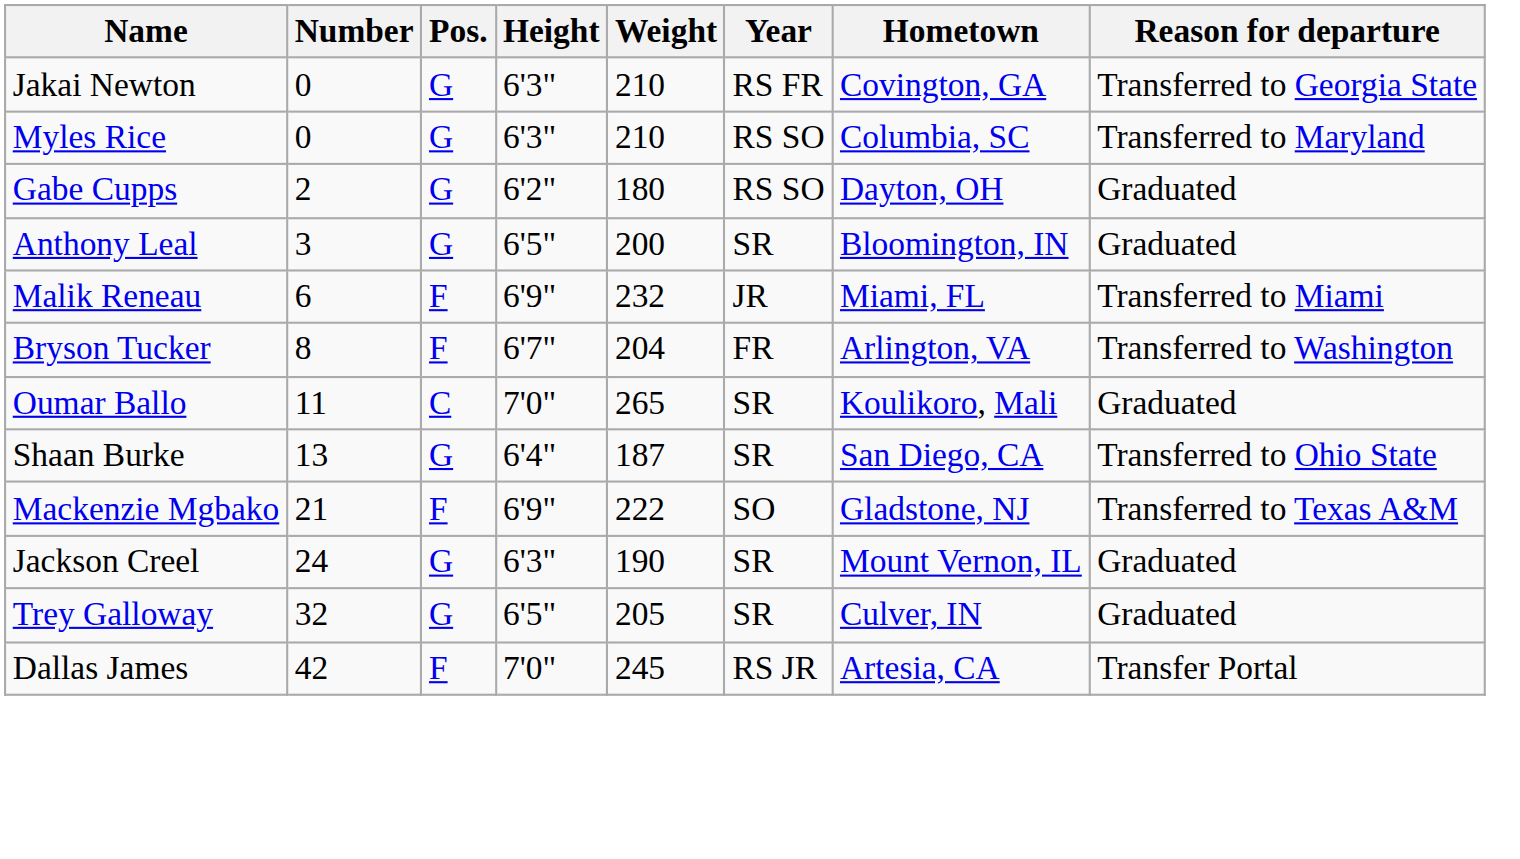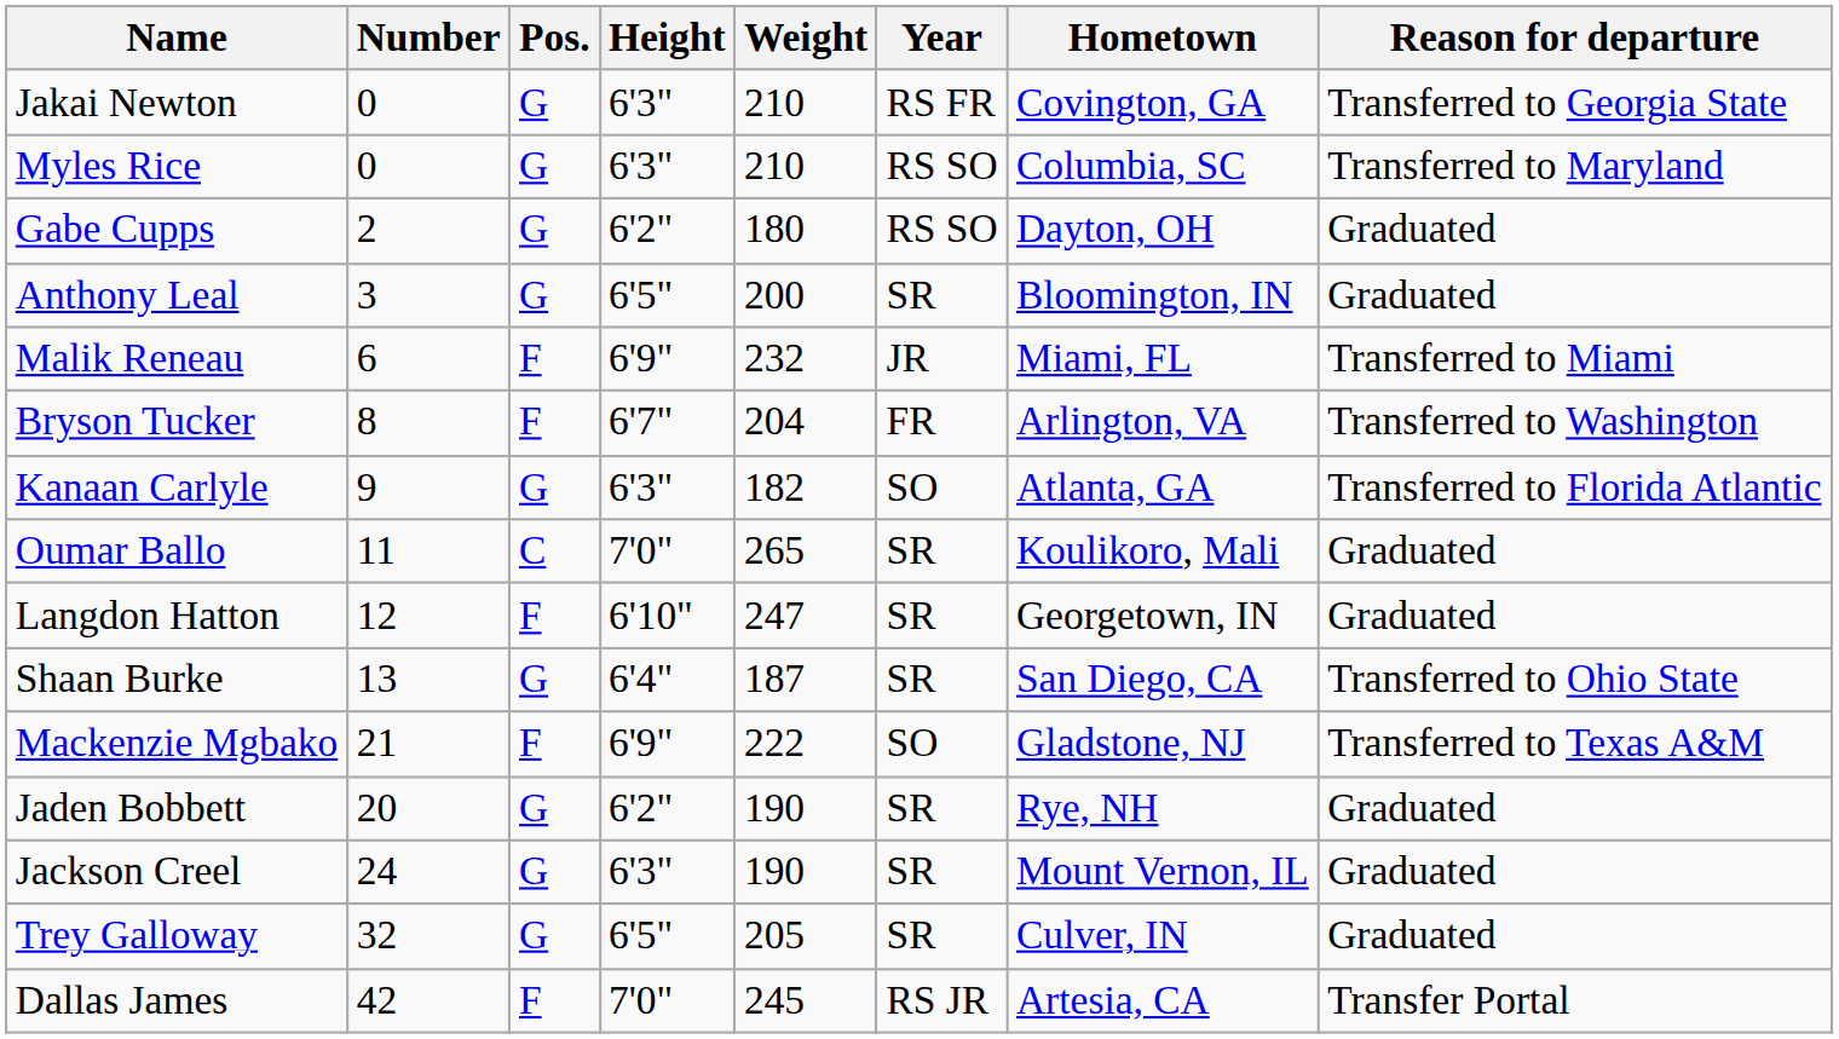 <table class="wikitable sortable" border="1">
 <tr align=center>
 <th>Name</th>
 <th>Number</th>
 <th>Pos.</th>
 <th>Height</th>
 <th>Weight</th>
 <th>Year</th>
 <th>Hometown</th>
 <th>Reason for departure</th>
 </tr>
 <tr>
 <td sortname>Jakai Newton</td>
 <td>0</td>
 <td><a href='#'>G</a></td>
 <td>6'3"</td>
 <td>210</td>
 <td>RS FR</td>
 <td><a href='#'>Covington, GA</a></td>
 <td>Transferred to <a href='#'>Georgia State</a></td>
 </tr>
 <tr>
 <td sortname><a href='#'>Myles Rice</a></td>
 <td>0</td>
 <td><a href='#'>G</a></td>
 <td>6'3"</td>
 <td>210</td>
 <td>RS SO</td>
 <td><a href='#'>Columbia, SC</a></td>
 <td>Transferred to <a href='#'>Maryland</a></td>
 </tr>
 <tr>
 <td sortname><a href='#'>Gabe Cupps</a></td>
 <td>2</td>
 <td><a href='#'>G</a></td>
 <td>6'2"</td>
 <td>180</td>
 <td>RS SO</td>
 <td><a href='#'>Dayton, OH</a></td>
 <td>Graduated</td>
 </tr>
 <tr>
 <td sortname><a href='#'>Anthony Leal</a></td>
 <td>3</td>
 <td><a href='#'>G</a></td>
 <td>6'5"</td>
 <td>200</td>
 <td>SR</td>
 <td><a href='#'>Bloomington, IN</a></td>
 <td>Graduated</td>
 </tr>
 <tr>
 <td sortname><a href='#'>Malik Reneau</a></td>
 <td>6</td>
 <td><a href='#'>F</a></td>
 <td>6'9"</td>
 <td>232</td>
 <td>JR</td>
 <td><a href='#'>Miami, FL</a></td>
 <td>Transferred to <a href='#'>Miami</a></td>
 </tr>
 <tr>
 <td sortname><a href='#'>Bryson Tucker</a></td>
 <td>8</td>
 <td><a href='#'>F</a></td>
 <td>6'7"</td>
 <td>204</td>
 <td>FR</td>
 <td><a href='#'>Arlington, VA</a></td>
 <td>Transferred to <a href='#'>Washington</a></td>
 </tr>
 <tr>
+<td sortname><a href='#'>Kanaan Carlyle</a></td>
+<td>9</td>
+<td><a href='#'>G</a></td>
+<td>6'3"</td>
+<td>182</td>
+<td>SO</td>
+<td><a href='#'>Atlanta, GA</a></td>
+<td>Transferred to <a href='#'>Florida Atlantic</a></td>
+</tr>
+<tr>
 <td sortname><a href='#'>Oumar Ballo</a></td>
 <td>11</td>
 <td><a href='#'>C</a></td>
 <td>7'0"</td>
 <td>265</td>
 <td>SR</td>
 <td><a href='#'>Koulikoro</a>, <a href='#'>Mali</a></td>
+<td>Graduated</td>
+</tr>
+<tr>
+<td sortname>Langdon Hatton</td>
+<td>12</td>
+<td><a href='#'>F</a></td>
+<td>6'10"</td>
+<td>247</td>
+<td>SR</td>
+<td>Georgetown, IN</td>
 <td>Graduated</td>
 </tr>
 <tr>
 <td sortname>Shaan Burke</td>
 <td>13</td>
 <td><a href='#'>G</a></td>
 <td>6'4"</td>
 <td>187</td>
 <td>SR</td>
 <td><a href='#'>San Diego, CA</a></td>
 <td>Transferred to <a href='#'>Ohio State</a></td>
 </tr>
 <tr>
 <td sortname><a href='#'>Mackenzie Mgbako</a></td>
 <td>21</td>
 <td><a href='#'>F</a></td>
 <td>6'9"</td>
 <td>222</td>
 <td>SO</td>
 <td><a href='#'>Gladstone, NJ</a></td>
 <td>Transferred to <a href='#'>Texas A&M</a></td>
+</tr>
+<tr>
+<td sortname>Jaden Bobbett</td>
+<td>20</td>
+<td><a href='#'>G</a></td>
+<td>6'2"</td>
+<td>190</td>
+<td>SR</td>
+<td><a href='#'>Rye, NH</a></td>
+<td>Graduated</td>
 </tr>
 <tr>
 <td sortname>Jackson Creel</td>
 <td>24</td>
 <td><a href='#'>G</a></td>
 <td>6'3"</td>
 <td>190</td>
 <td>SR</td>
 <td><a href='#'>Mount Vernon, IL</a></td>
 <td>Graduated</td>
 </tr>
 <tr>
 <td sortname><a href='#'>Trey Galloway</a></td>
 <td>32</td>
 <td><a href='#'>G</a></td>
 <td>6'5"</td>
 <td>205</td>
 <td>SR</td>
 <td><a href='#'>Culver, IN</a></td>
 <td>Graduated</td>
 </tr>
 <tr>
 <td sortname>Dallas James</td>
 <td>42</td>
 <td><a href='#'>F</a></td>
 <td>7'0"</td>
 <td>245</td>
 <td>RS JR</td>
 <td><a href='#'>Artesia, CA</a></td>
 <td>Transfer Portal</td>
 </tr>
 </table>
